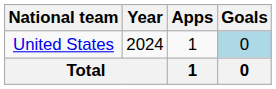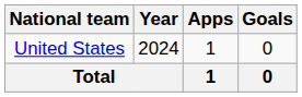 <table class="wikitable" style="text-align:center">
 <tr>
 <th>National team</th>
 <th>Year</th>
 <th>Apps</th>
 <th>Goals</th>
 </tr>
 <tr>
 <td rowspan="1"><a href='#'>United States</a></td>
 <td>2024</td>
 <td>1</td>
-<td style="background: lightblue;">0</td>
+<td>0</td>
 </tr>
 <tr>
 <th colspan="2">Total</th>
 <th>1</th>
 <th>0</th>
 </tr>
 </table>
